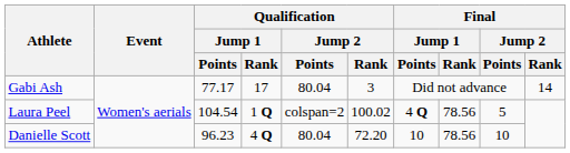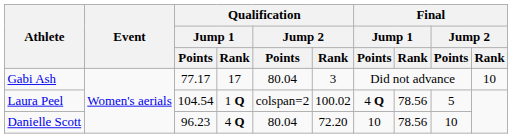 <table class=wikitable style=font-size:90%;text-align:center>
 <tr>
 <th rowspan=3>Athlete</th>
 <th rowspan=3>Event</th>
 <th colspan=4>Qualification</th>
 <th colspan=4>Final</th>
 </tr>
 <tr>
 <th colspan=2>Jump 1</th>
 <th colspan=2>Jump 2</th>
 <th colspan=2>Jump 1</th>
 <th colspan=2>Jump 2</th>
 </tr>
 <tr>
 <th>Points</th>
 <th>Rank</th>
 <th>Points</th>
 <th>Rank</th>
 <th>Points</th>
 <th>Rank</th>
 <th>Points</th>
 <th>Rank</th>
 </tr>
 <tr>
 <td align=left><a href='#'>Gabi Ash</a></td>
 <td align=left rowspan=3><a href='#'>Women's aerials</a></td>
 <td>77.17</td>
 <td>17</td>
 <td>80.04</td>
 <td>3</td>
 <td colspan=3>Did not advance</td>
-<td>14</td>
+<td>10</td>
 </tr>
 <tr>
 <td align=left><a href='#'>Laura Peel</a></td>
 <td>104.54</td>
 <td>1 <strong>Q</strong></td>
 <td>colspan=2 </td>
 <td>100.02</td>
 <td>4 <strong>Q</strong></td>
 <td>78.56</td>
 <td>5</td>
 </tr>
 <tr>
 <td align=left><a href='#'>Danielle Scott</a></td>
 <td>96.23</td>
 <td>4 <strong>Q</strong></td>
 <td>80.04</td>
 <td>72.20</td>
 <td>10</td>
 <td>78.56</td>
 <td>10</td>
 </tr>
 </table>
